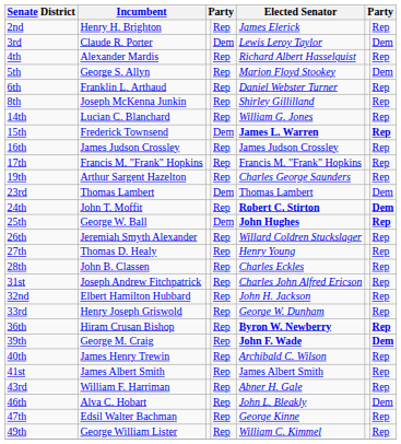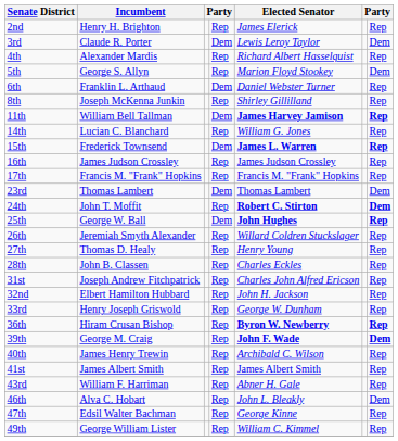 <table class="sortable wikitable" style="font-size:95%;line-height:14px;">
 <tr>
 <th class="sortable"><a href='#'>Senate</a> District</th>
 <th class="sortable"><a href='#'>Incumbent</a></th>
 <th colspan="2">Party</th>
 <th class="sortable">Elected Senator</th>
 <th colspan="2">Party</th>
 </tr>
 <tr>
 <td><a href='#'>2nd</a></td>
 <td><a href='#'>Henry H. Brighton</a></td>
 <td style="background:"></td>
 <td><a href='#'>Rep</a></td>
 <td><em><a href='#'>James Elerick</a></em></td>
 <td style="background:"></td>
 <td><a href='#'>Rep</a></td>
 </tr>
 <tr>
 <td><a href='#'>3rd</a></td>
 <td><a href='#'>Claude R. Porter</a></td>
 <td style="background:"></td>
 <td><a href='#'>Dem</a></td>
 <td><em><a href='#'>Lewis Leroy Taylor</a></em></td>
 <td style="background:"></td>
 <td><a href='#'>Dem</a></td>
 </tr>
 <tr>
 <td><a href='#'>4th</a></td>
 <td><a href='#'>Alexander Mardis</a></td>
 <td style="background:"></td>
 <td><a href='#'>Rep</a></td>
 <td><em><a href='#'>Richard Albert Hasselquist</a></em></td>
 <td style="background:"></td>
 <td><a href='#'>Rep</a></td>
 </tr>
 <tr>
 <td><a href='#'>5th</a></td>
 <td><a href='#'>George S. Allyn</a></td>
 <td style="background:"></td>
 <td><a href='#'>Rep</a></td>
 <td><em><a href='#'>Marion Floyd Stookey</a></em></td>
 <td style="background:"></td>
 <td><a href='#'>Dem</a></td>
 </tr>
 <tr>
 <td><a href='#'>6th</a></td>
 <td><a href='#'>Franklin L. Arthaud</a></td>
 <td style="background:"></td>
-<td><a href='#'>Rep</a></td>
+<td><a href='#'>Dem</a></td>
 <td><em><a href='#'>Daniel Webster Turner</a></em></td>
 <td style="background:"></td>
 <td><a href='#'>Rep</a></td>
 </tr>
 <tr>
 <td><a href='#'>8th</a></td>
 <td><a href='#'>Joseph McKenna Junkin</a></td>
 <td style="background:"></td>
 <td><a href='#'>Rep</a></td>
 <td><em><a href='#'>Shirley Gillilland</a></em></td>
 <td style="background:"></td>
 <td><a href='#'>Rep</a></td>
+</tr>
+<tr>
+<td><a href='#'>11th</a></td>
+<td><a href='#'>William Bell Tallman</a></td>
+<td style="background:"></td>
+<td><a href='#'>Dem</a></td>
+<td><strong><a href='#'>James Harvey Jamison</a></strong></td>
+<td style="background:"></td>
+<td><strong><a href='#'>Rep</a></strong></td>
 </tr>
 <tr>
 <td><a href='#'>14th</a></td>
 <td><a href='#'>Lucian C. Blanchard</a></td>
 <td style="background:"></td>
 <td><a href='#'>Rep</a></td>
 <td><em><a href='#'>William G. Jones</a></em></td>
 <td style="background:"></td>
 <td><a href='#'>Rep</a></td>
 </tr>
 <tr>
 <td><a href='#'>15th</a></td>
 <td><a href='#'>Frederick Townsend</a></td>
 <td style="background:"></td>
 <td><a href='#'>Dem</a></td>
 <td><strong><a href='#'>James L. Warren</a></strong></td>
 <td style="background:"></td>
 <td><strong><a href='#'>Rep</a></strong></td>
 </tr>
 <tr>
 <td><a href='#'>16th</a></td>
 <td><a href='#'>James Judson Crossley</a></td>
 <td style="background:"></td>
 <td><a href='#'>Rep</a></td>
 <td><a href='#'>James Judson Crossley</a></td>
 <td style="background:"></td>
 <td><a href='#'>Rep</a></td>
 </tr>
 <tr>
 <td><a href='#'>17th</a></td>
 <td><a href='#'>Francis M. "Frank" Hopkins</a></td>
 <td style="background:"></td>
 <td><a href='#'>Rep</a></td>
 <td><a href='#'>Francis M. "Frank" Hopkins</a></td>
-<td style="background:"></td>
-<td><a href='#'>Rep</a></td>
-</tr>
-<tr>
-<td><a href='#'>19th</a></td>
-<td><a href='#'>Arthur Sargent Hazelton</a></td>
-<td style="background:"></td>
-<td><a href='#'>Rep</a></td>
-<td><em><a href='#'>Charles George Saunders</a></em></td>
 <td style="background:"></td>
 <td><a href='#'>Rep</a></td>
 </tr>
 <tr>
 <td><a href='#'>23rd</a></td>
 <td><a href='#'>Thomas Lambert</a></td>
 <td style="background:"></td>
 <td><a href='#'>Dem</a></td>
 <td><a href='#'>Thomas Lambert</a></td>
 <td style="background:"></td>
 <td><a href='#'>Dem</a></td>
 </tr>
 <tr>
 <td><a href='#'>24th</a></td>
 <td><a href='#'>John T. Moffit</a></td>
 <td style="background:"></td>
 <td><a href='#'>Rep</a></td>
 <td><strong><a href='#'>Robert C. Stirton</a></strong></td>
 <td style="background:"></td>
 <td><strong><a href='#'>Dem</a></strong></td>
 </tr>
 <tr>
 <td><a href='#'>25th</a></td>
 <td><a href='#'>George W. Ball</a></td>
 <td style="background:"></td>
 <td><a href='#'>Dem</a></td>
 <td><strong><a href='#'>John Hughes</a></strong></td>
 <td style="background:"></td>
 <td><strong><a href='#'>Rep</a></strong></td>
 </tr>
 <tr>
 <td><a href='#'>26th</a></td>
 <td><a href='#'>Jeremiah Smyth Alexander</a></td>
 <td style="background:"></td>
 <td><a href='#'>Rep</a></td>
 <td><em><a href='#'>Willard Coldren Stuckslager</a></em></td>
 <td style="background:"></td>
 <td><a href='#'>Rep</a></td>
 </tr>
 <tr>
 <td><a href='#'>27th</a></td>
 <td><a href='#'>Thomas D. Healy</a></td>
 <td style="background:"></td>
 <td><a href='#'>Rep</a></td>
 <td><em><a href='#'>Henry Young</a></em></td>
 <td style="background:"></td>
 <td><a href='#'>Rep</a></td>
 </tr>
 <tr>
 <td><a href='#'>28th</a></td>
 <td><a href='#'>John B. Classen</a></td>
 <td style="background:"></td>
 <td><a href='#'>Rep</a></td>
 <td><em><a href='#'>Charles Eckles</a></em></td>
 <td style="background:"></td>
 <td><a href='#'>Rep</a></td>
 </tr>
 <tr>
 <td><a href='#'>31st</a></td>
 <td><a href='#'>Joseph Andrew Fitchpatrick</a></td>
 <td style="background:"></td>
 <td><a href='#'>Rep</a></td>
 <td><em><a href='#'>Charles John Alfred Ericson</a></em></td>
 <td style="background:"></td>
 <td><a href='#'>Rep</a></td>
 </tr>
 <tr>
 <td><a href='#'>32nd</a></td>
 <td><a href='#'>Elbert Hamilton Hubbard</a></td>
 <td style="background:"></td>
 <td><a href='#'>Rep</a></td>
 <td><em><a href='#'>John H. Jackson</a></em></td>
 <td style="background:"></td>
 <td><a href='#'>Rep</a></td>
 </tr>
 <tr>
 <td><a href='#'>33rd</a></td>
 <td><a href='#'>Henry Joseph Griswold</a></td>
 <td style="background:"></td>
 <td><a href='#'>Rep</a></td>
 <td><em><a href='#'>George W. Dunham</a></em></td>
 <td style="background:"></td>
 <td><a href='#'>Rep</a></td>
 </tr>
 <tr>
 <td><a href='#'>36th</a></td>
 <td><a href='#'>Hiram Crusan Bishop</a></td>
 <td style="background:"></td>
 <td><a href='#'>Rep</a></td>
 <td><strong><a href='#'>Byron W. Newberry</a></strong></td>
 <td style="background:"></td>
 <td><strong><a href='#'>Rep</a></strong></td>
 </tr>
 <tr>
 <td><a href='#'>39th</a></td>
 <td><a href='#'>George M. Craig</a></td>
 <td style="background:"></td>
 <td><a href='#'>Rep</a></td>
 <td><strong><a href='#'>John F. Wade</a></strong></td>
 <td style="background:"></td>
 <td><strong><a href='#'>Dem</a></strong></td>
 </tr>
 <tr>
 <td><a href='#'>40th</a></td>
 <td><a href='#'>James Henry Trewin</a></td>
 <td style="background:"></td>
 <td><a href='#'>Rep</a></td>
 <td><em><a href='#'>Archibald C. Wilson</a></em></td>
 <td style="background:"></td>
 <td><a href='#'>Rep</a></td>
 </tr>
 <tr>
 <td><a href='#'>41st</a></td>
 <td><a href='#'>James Albert Smith</a></td>
 <td style="background:"></td>
 <td><a href='#'>Rep</a></td>
 <td><a href='#'>James Albert Smith</a></td>
 <td style="background:"></td>
 <td><a href='#'>Rep</a></td>
 </tr>
 <tr>
 <td><a href='#'>43rd</a></td>
 <td><a href='#'>William F. Harriman</a></td>
 <td style="background:"></td>
 <td><a href='#'>Rep</a></td>
 <td><em><a href='#'>Abner H. Gale</a></em></td>
 <td style="background:"></td>
 <td><a href='#'>Rep</a></td>
 </tr>
 <tr>
 <td><a href='#'>46th</a></td>
 <td><a href='#'>Alva C. Hobart</a></td>
 <td style="background:"></td>
 <td><a href='#'>Rep</a></td>
 <td><em><a href='#'>John L. Bleakly</a></em></td>
 <td style="background:"></td>
 <td><a href='#'>Dem</a></td>
 </tr>
 <tr>
 <td><a href='#'>47th</a></td>
 <td><a href='#'>Edsil Walter Bachman</a></td>
 <td style="background:"></td>
 <td><a href='#'>Rep</a></td>
 <td><em><a href='#'>George Kinne</a></em></td>
 <td style="background:"></td>
 <td><a href='#'>Rep</a></td>
 </tr>
 <tr>
 <td><a href='#'>49th</a></td>
 <td><a href='#'>George William Lister</a></td>
 <td style="background:"></td>
 <td><a href='#'>Rep</a></td>
 <td><em><a href='#'>William C. Kimmel</a></em></td>
 <td style="background:"></td>
 <td><a href='#'>Rep</a></td>
 </tr>
 <tr>
 </tr>
 </table>
